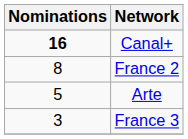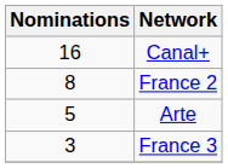 <table class="wikitable sortable" style="text-align: center; max-width:20em">
 <tr>
 <th scope="col">Nominations</th>
 <th scope="col">Network</th>
 </tr>
 <tr>
-<td scope="row"><strong>16</strong></td>
+<td scope="row">16</td>
 <td><a href='#'>Canal+</a></td>
 </tr>
 <tr>
 <td scope="row">8</td>
 <td><a href='#'>France 2</a></td>
 </tr>
 <tr>
 <td scope="row">5</td>
 <td><a href='#'>Arte</a></td>
 </tr>
 <tr>
 <td scope="row">3</td>
 <td><a href='#'>France 3</a></td>
 </tr>
 <tr>
 </tr>
 </table>
